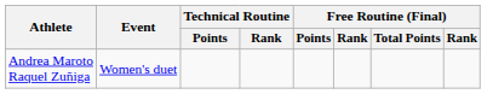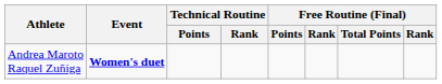 <table class=wikitable style="font-size:90%">
 <tr>
 <th rowspan="2">Athlete</th>
 <th rowspan="2">Event</th>
 <th colspan="2">Technical Routine</th>
 <th colspan="4">Free Routine (Final)</th>
 </tr>
 <tr style="font-size:95%">
 <th>Points</th>
 <th>Rank</th>
 <th>Points</th>
 <th>Rank</th>
 <th>Total Points</th>
 <th>Rank</th>
 </tr>
 <tr align=center>
 <td align=left><a href='#'>Andrea Maroto</a><br><a href='#'>Raquel Zuñiga</a></td>
-<td align=left><a href='#'>Women's duet</a></td>
+<td align=left><strong><a href='#'>Women's duet</a></strong></td>
 <td></td>
 <td></td>
 <td></td>
 <td></td>
 <td></td>
 <td></td>
 </tr>
 </table>
